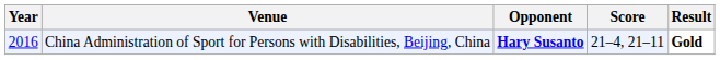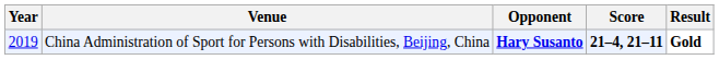 <table class="sortable wikitable" style="font-size: 90%;">
 <tr>
 <th>Year</th>
 <th>Venue</th>
 <th>Opponent</th>
 <th>Score</th>
 <th>Result</th>
 </tr>
 <tr style="background:#ECF2FF">
-<td align="center"><a href='#'>2016</a></td>
+<td align="center"><a href='#'>2019</a></td>
 <td align="left">China Administration of Sport for Persons with Disabilities, <a href='#'>Beijing</a>, China</td>
 <td align="left"><strong> <a href='#'>Hary Susanto</a></strong></td>
-<td align="left">21–4, 21–11</td>
+<td align="left"><strong>21–4, 21–11</strong></td>
 <td style="text-align:left; background:white"> <strong>Gold</strong></td>
 </tr>
 </table>
